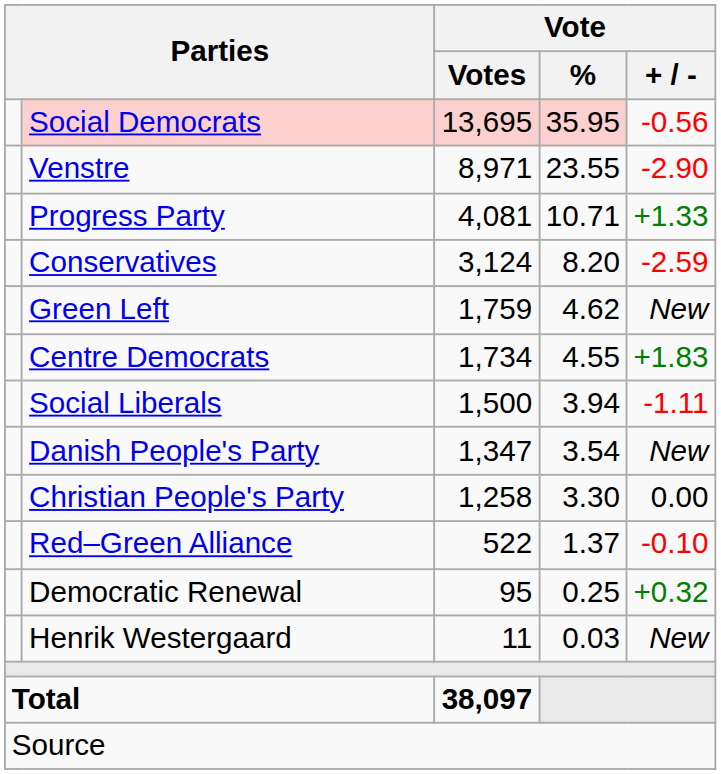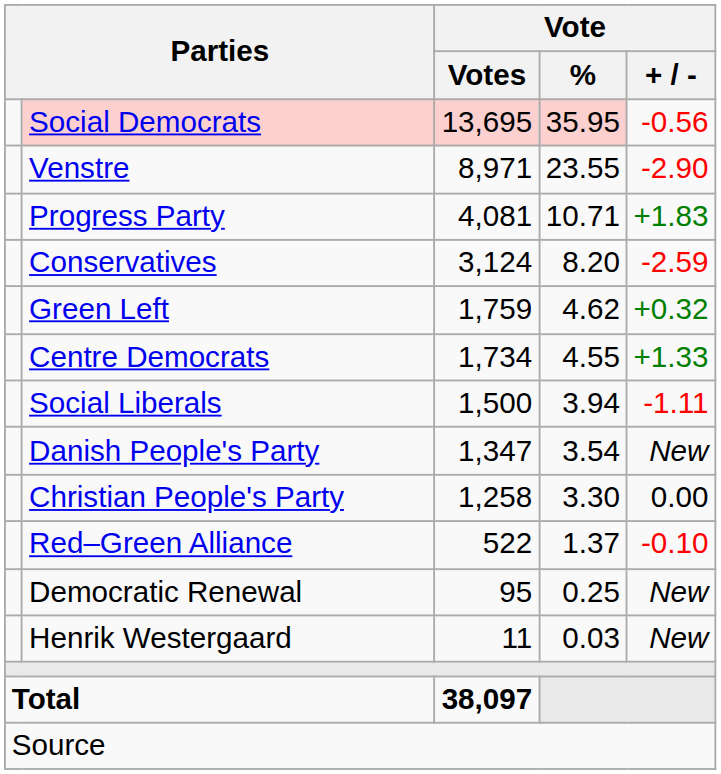 <table class="wikitable" style="text-align:right;">
 <tr>
 <th style="text-align:centre;" rowspan="2" colspan="2" width="225">Parties</th>
 <th colspan="3">Vote</th>
 </tr>
 <tr>
 <th width="15">Votes</th>
 <th width="15">%</th>
 <th width="15">+ / -</th>
 </tr>
 <tr>
 <td width="2" style="color:inherit;background:"></td>
 <td bgcolor=#fbd0ce  align="left"><a href='#'>Social Democrats</a></td>
 <td bgcolor=#fbd0ce>13,695</td>
 <td bgcolor=#fbd0ce>35.95</td>
 <td style=color:red;>-0.56</td>
 </tr>
 <tr>
 <td width="2" style="color:inherit;background:"></td>
 <td align="left"><a href='#'>Venstre</a></td>
 <td>8,971</td>
 <td>23.55</td>
 <td style=color:red;>-2.90</td>
 </tr>
 <tr>
 <td width="2" style="color:inherit;background:"></td>
 <td align="left"><a href='#'>Progress Party</a></td>
 <td>4,081</td>
 <td>10.71</td>
-<td style=color:green;>+1.33</td>
+<td style=color:green;>+1.83</td>
 </tr>
 <tr>
 <td width="2" style="color:inherit;background:"></td>
 <td align="left"><a href='#'>Conservatives</a></td>
 <td>3,124</td>
 <td>8.20</td>
 <td style=color:red;>-2.59</td>
 </tr>
 <tr>
 <td width="2" style="color:inherit;background:"></td>
 <td align="left"><a href='#'>Green Left</a></td>
 <td>1,759</td>
 <td>4.62</td>
-<td><em>New</em></td>
+<td style=color:green;>+0.32</td>
 </tr>
 <tr>
 <td width="2" style="color:inherit;background:"></td>
 <td align="left"><a href='#'>Centre Democrats</a></td>
 <td>1,734</td>
 <td>4.55</td>
-<td style=color:green;>+1.83</td>
+<td style=color:green;>+1.33</td>
 </tr>
 <tr>
 <td width="2" style="color:inherit;background:"></td>
 <td align="left"><a href='#'>Social Liberals</a></td>
 <td>1,500</td>
 <td>3.94</td>
 <td style=color:red;>-1.11</td>
 </tr>
 <tr>
 <td width="2" style="color:inherit;background:"></td>
 <td align="left"><a href='#'>Danish People's Party</a></td>
 <td>1,347</td>
 <td>3.54</td>
 <td><em>New</em></td>
 </tr>
 <tr>
 <td width="2" style="color:inherit;background:"></td>
 <td align="left"><a href='#'>Christian People's Party</a></td>
 <td>1,258</td>
 <td>3.30</td>
 <td>0.00</td>
 </tr>
 <tr>
 <td width="2" style="color:inherit;background:"></td>
 <td align="left"><a href='#'>Red–Green Alliance</a></td>
 <td>522</td>
 <td>1.37</td>
 <td style=color:red;>-0.10</td>
 </tr>
 <tr>
 <td width="2" style="color:inherit;background:"></td>
 <td align="left">Democratic Renewal</td>
 <td>95</td>
 <td>0.25</td>
-<td style=color:green;>+0.32</td>
+<td><em>New</em></td>
 </tr>
 <tr>
 <td width="2" style="color:inherit;background:"></td>
 <td align="left">Henrik Westergaard</td>
 <td>11</td>
 <td>0.03</td>
 <td><em>New</em></td>
 </tr>
 <tr>
 <td colspan="7" bgcolor="#E9E9E9"></td>
 </tr>
 <tr>
 <td align="left" colspan="2"><strong>Total</strong></td>
 <td><strong>38,097</strong></td>
 <td bgcolor="#E9E9E9" colspan="2"></td>
 </tr>
 <tr>
 <td align="left" colspan="6">Source</td>
 </tr>
 </table>
